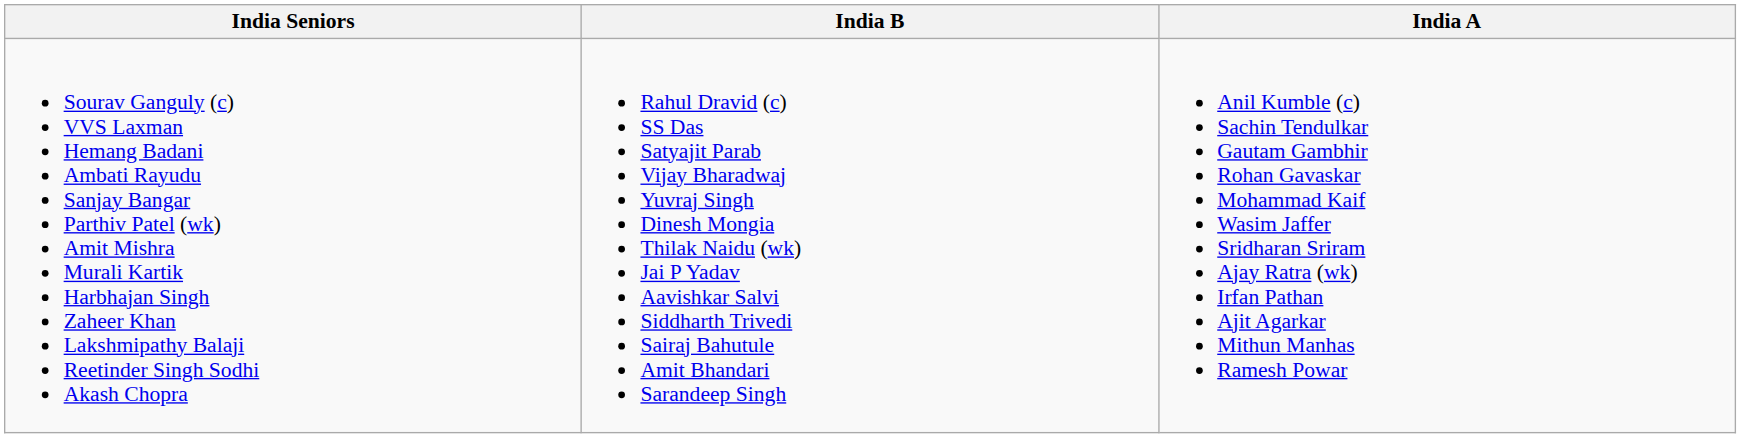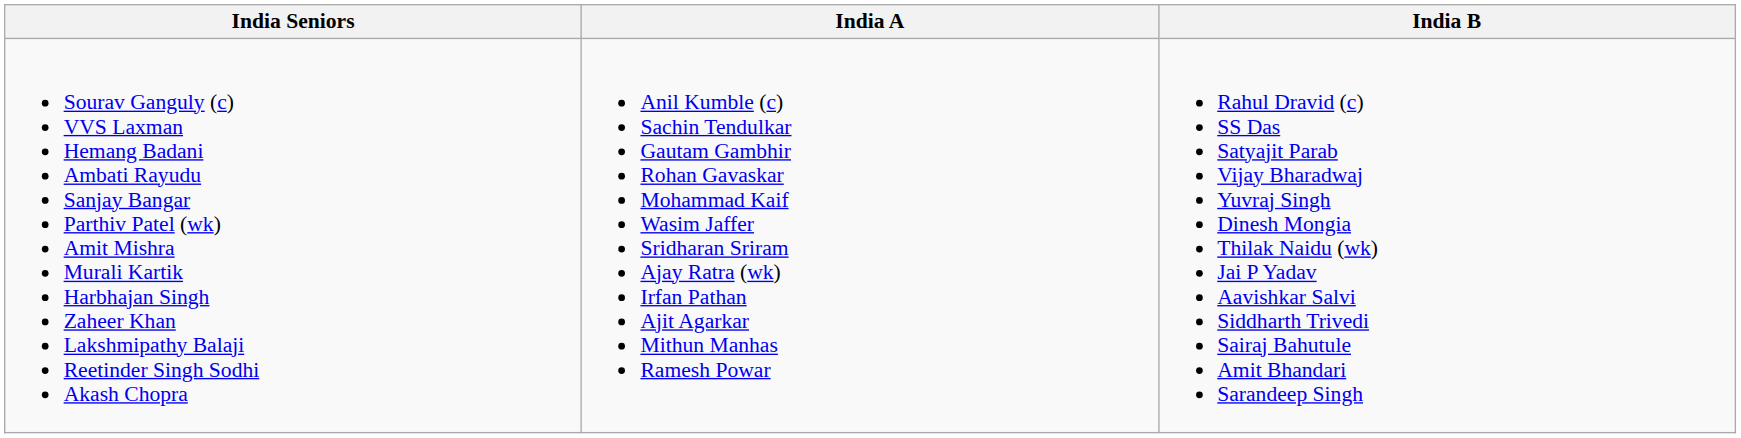 <table class="wikitable">
 <tr>
 <th style="width:15%;"> India Seniors </th>
+<th style="width:15%;"> India A </th>
 <th style="width:15%;"> India B </th>
-<th style="width:15%;"> India A </th>
 </tr>
 <tr style="vertical-align:top">
 <td><br><ul><li><a href='#'>Sourav Ganguly</a> (<a href='#'>c</a>)</li><li><a href='#'>VVS Laxman</a></li><li><a href='#'>Hemang Badani</a></li><li><a href='#'>Ambati Rayudu</a></li><li><a href='#'>Sanjay Bangar</a></li><li><a href='#'>Parthiv Patel</a> (<a href='#'>wk</a>)</li><li><a href='#'>Amit Mishra</a></li><li><a href='#'>Murali Kartik</a></li><li><a href='#'>Harbhajan Singh</a></li><li><a href='#'>Zaheer Khan</a></li><li><a href='#'>Lakshmipathy Balaji</a></li><li><a href='#'>Reetinder Singh Sodhi</a></li><li><a href='#'>Akash Chopra</a></li></ul></td>
+<td><br><ul><li><a href='#'>Anil Kumble</a> (<a href='#'>c</a>)</li><li><a href='#'>Sachin Tendulkar</a></li><li><a href='#'>Gautam Gambhir</a></li><li><a href='#'>Rohan Gavaskar</a></li><li><a href='#'>Mohammad Kaif</a></li><li><a href='#'>Wasim Jaffer</a></li><li><a href='#'>Sridharan Sriram</a></li><li><a href='#'>Ajay Ratra</a> (<a href='#'>wk</a>)</li><li><a href='#'>Irfan Pathan</a></li><li><a href='#'>Ajit Agarkar</a></li><li><a href='#'>Mithun Manhas</a></li><li><a href='#'>Ramesh Powar</a></li></ul></td>
 <td><br><ul><li><a href='#'>Rahul Dravid</a> (<a href='#'>c</a>)</li><li><a href='#'>SS Das</a></li><li><a href='#'>Satyajit Parab</a></li><li><a href='#'>Vijay Bharadwaj</a></li><li><a href='#'>Yuvraj Singh</a></li><li><a href='#'>Dinesh Mongia</a></li><li><a href='#'>Thilak Naidu</a> (<a href='#'>wk</a>)</li><li><a href='#'>Jai P Yadav</a></li><li><a href='#'>Aavishkar Salvi</a></li><li><a href='#'>Siddharth Trivedi</a></li><li><a href='#'>Sairaj Bahutule</a></li><li><a href='#'>Amit Bhandari</a></li><li><a href='#'>Sarandeep Singh</a></li></ul></td>
-<td><br><ul><li><a href='#'>Anil Kumble</a> (<a href='#'>c</a>)</li><li><a href='#'>Sachin Tendulkar</a></li><li><a href='#'>Gautam Gambhir</a></li><li><a href='#'>Rohan Gavaskar</a></li><li><a href='#'>Mohammad Kaif</a></li><li><a href='#'>Wasim Jaffer</a></li><li><a href='#'>Sridharan Sriram</a></li><li><a href='#'>Ajay Ratra</a> (<a href='#'>wk</a>)</li><li><a href='#'>Irfan Pathan</a></li><li><a href='#'>Ajit Agarkar</a></li><li><a href='#'>Mithun Manhas</a></li><li><a href='#'>Ramesh Powar</a></li></ul></td>
 </tr>
 </table>
